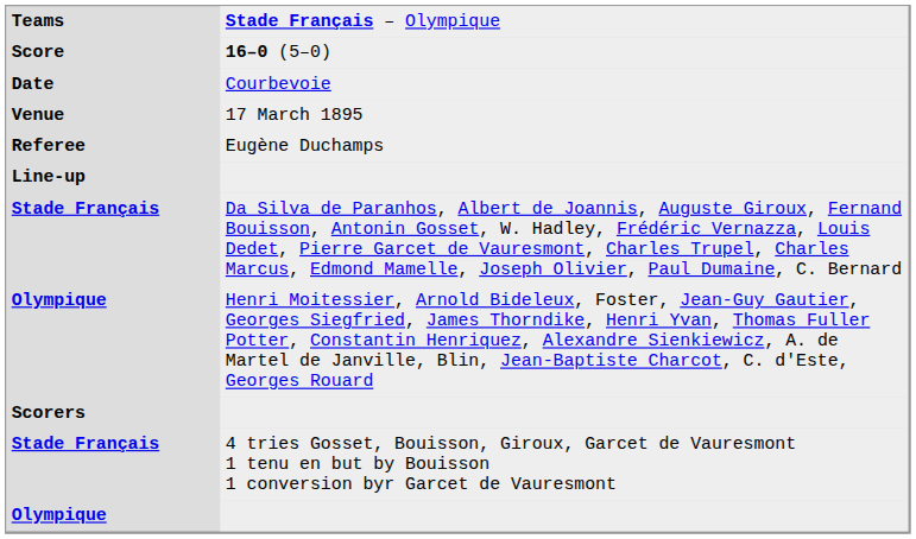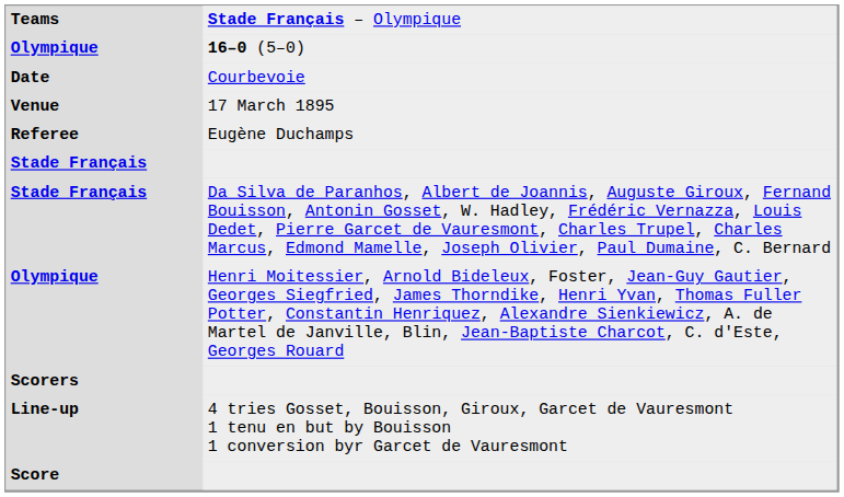 <table align="left" cellpadding="4" cellspacing="0"  style="margin: 0 0 0 0; border: 1px solid #999; border-right-width: 2px; border-bottom-width: 2px; background-color: #DDDDDD">
 <tr>
 <td width="150" valign="top"><strong>Teams</strong></td>
 <td width="500" bgcolor=#EEEEEE><strong><a href='#'>Stade Français</a></strong> – <a href='#'>Olympique</a></td>
 </tr>
 <tr>
-<td valign="top"><strong>Score</strong></td>
+<td valign="top"><strong><a href='#'>Olympique</a></strong></td>
 <td bgcolor=#EEEEEE><strong>16–0</strong> (5–0)</td>
 </tr>
 <tr>
 <td valign="top"><strong>Date</strong></td>
 <td bgcolor=#EEEEEE><a href='#'>Courbevoie</a></td>
 </tr>
 <tr>
 <td valign="top"><strong>Venue</strong></td>
 <td bgcolor=#EEEEEE>17 March 1895</td>
 </tr>
 <tr>
 <td valign="top"><strong>Referee</strong></td>
 <td bgcolor=#EEEEEE>Eugène Duchamps</td>
 </tr>
 <tr>
-<td valign="top"><strong>Line-up</strong></td>
+<td valign="top"><strong><a href='#'>Stade Français</a>  </strong></td>
 <td bgcolor=#EEEEEE></td>
 </tr>
 <tr>
 <td valign="top"><strong><a href='#'>Stade Français</a>  </strong></td>
 <td bgcolor=#EEEEEE><a href='#'>Da Silva de Paranhos</a>, <a href='#'>Albert de Joannis</a>, <a href='#'>Auguste Giroux</a>, <a href='#'>Fernand Bouisson</a>, <a href='#'>Antonin Gosset</a>, W. Hadley, <a href='#'>Frédéric Vernazza</a>, <a href='#'>Louis Dedet</a>, <a href='#'>Pierre Garcet de Vauresmont</a>, <a href='#'>Charles Trupel</a>, <a href='#'>Charles Marcus</a>, <a href='#'>Edmond Mamelle</a>, <a href='#'>Joseph Olivier</a>, <a href='#'>Paul Dumaine</a>, C. Bernard</td>
 </tr>
 <tr>
 <td valign="top"><strong><a href='#'>Olympique</a></strong></td>
 <td bgcolor=#EEEEEE><a href='#'>Henri Moitessier</a>, <a href='#'>Arnold Bideleux</a>, Foster, <a href='#'>Jean-Guy Gautier</a>, <a href='#'>Georges Siegfried</a>, <a href='#'>James Thorndike</a>, <a href='#'>Henri Yvan</a>, <a href='#'>Thomas Fuller Potter</a>, <a href='#'>Constantin Henriquez</a>, <a href='#'>Alexandre Sienkiewicz</a>, A. de Martel de Janville, Blin, <a href='#'>Jean-Baptiste Charcot</a>, C. d'Este, <a href='#'>Georges Rouard</a></td>
 </tr>
 <tr>
 <td valign="top"><strong>Scorers</strong></td>
 <td bgcolor=#EEEEEE></td>
 </tr>
 <tr>
-<td valign="top"><strong><a href='#'>Stade Français</a>  </strong></td>
+<td valign="top"><strong>Line-up</strong></td>
 <td bgcolor=#EEEEEE>4 tries Gosset, Bouisson, Giroux, Garcet de Vauresmont<br> 1 tenu en but by Bouisson<br>1 conversion byr Garcet de Vauresmont</td>
 </tr>
 <tr>
-<td valign="top"><strong><a href='#'>Olympique</a></strong></td>
+<td valign="top"><strong>Score</strong></td>
 <td bgcolor=#EEEEEE></td>
 </tr>
 </table>
